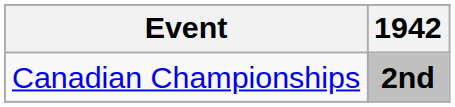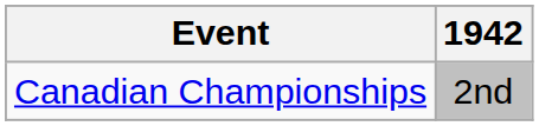 <table class="wikitable">
 <tr>
 <th>Event</th>
 <th>1942</th>
 </tr>
 <tr>
 <td><a href='#'>Canadian Championships</a></td>
-<td align="center" bgcolor="silver"><strong>2nd</strong></td>
+<td align="center" bgcolor="silver">2nd</td>
 </tr>
 </table>
